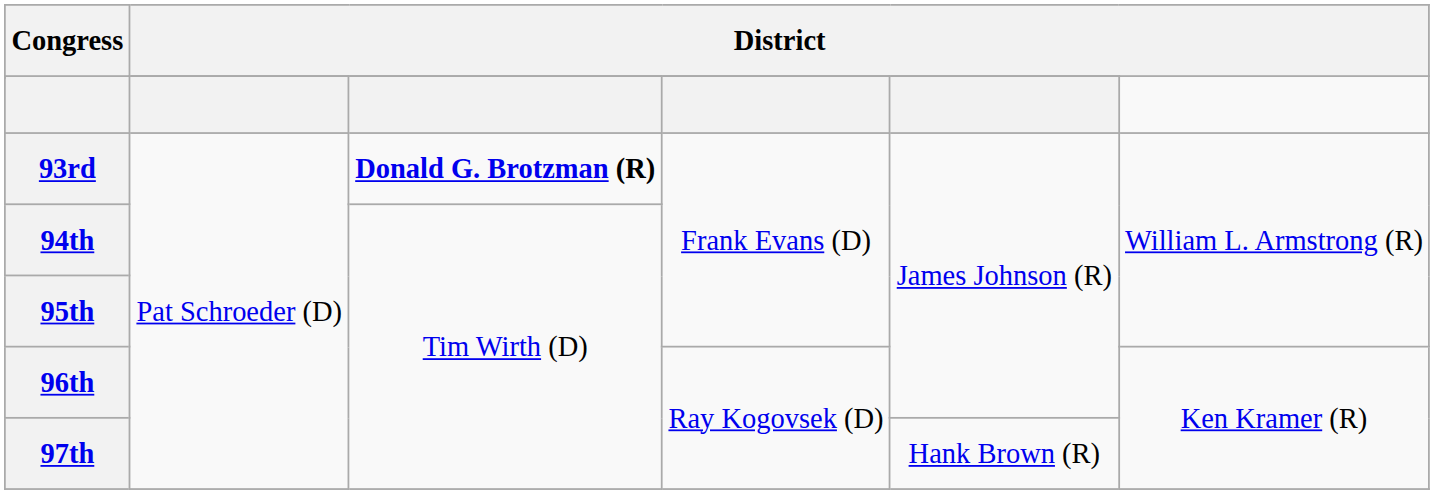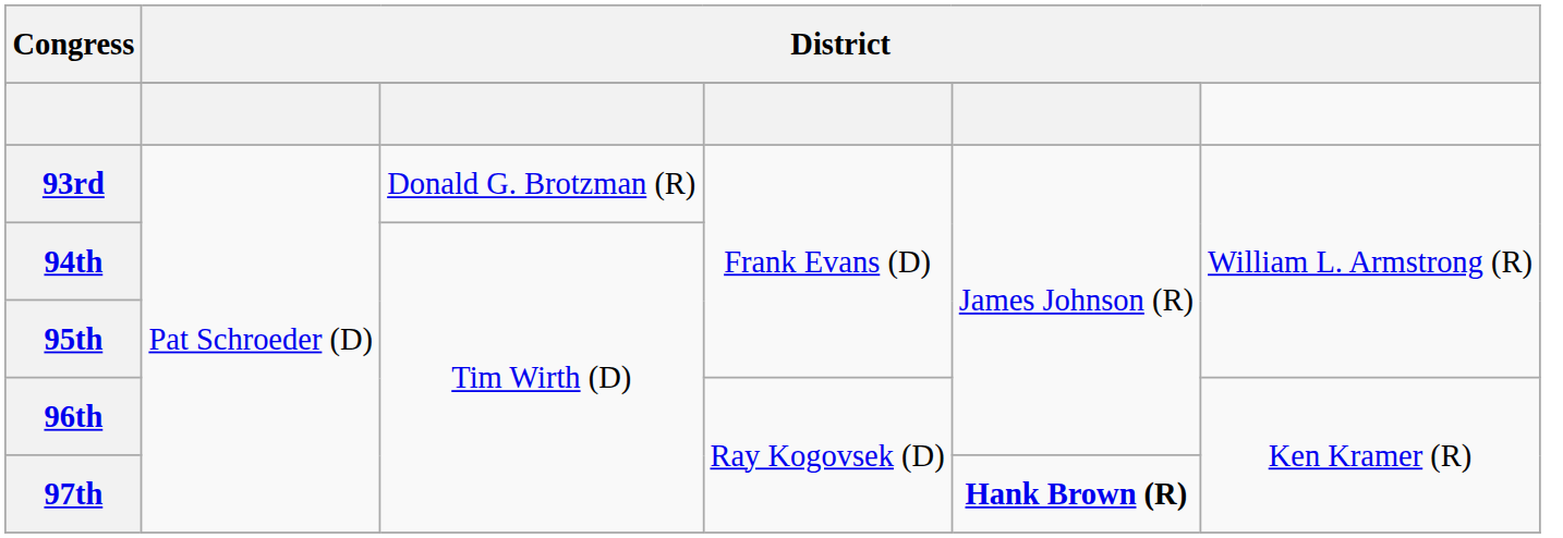 <table class=wikitable style="text-align:center">
 <tr style="height:2.5em">
 <th scope="col" rowspan=2>Congress</th>
 <th scope="colgroup" colspan=5>District</th>
 </tr>
 <tr>
 </tr>
 <tr style="height:2em">
 <th scope="col"></th>
 <th scope="col"></th>
 <th scope="col"></th>
 <th scope="col"></th>
 <th scope="col"></th>
 </tr>
 <tr style="height:2.5em">
 <th scope="row"><a href='#'>93rd</a> </th>
 <td rowspan=5 ><a href='#'>Pat Schroeder</a> (D)</td>
-<td><strong><a href='#'>Donald G. Brotzman</a> (R)</strong></td>
+<td><a href='#'>Donald G. Brotzman</a> (R)</td>
 <td rowspan=3 ><a href='#'>Frank Evans</a> (D)</td>
 <td rowspan=4 ><a href='#'>James Johnson</a> (R)</td>
 <td rowspan=3 ><a href='#'>William L. Armstrong</a> (R)</td>
 </tr>
 <tr style="height:2.5em">
 <th scope="row"><a href='#'>94th</a> </th>
 <td rowspan=4 ><a href='#'>Tim Wirth</a> (D)</td>
 </tr>
 <tr style="height:2.5em">
 <th scope="row"><a href='#'>95th</a> </th>
 </tr>
 <tr style="height:2.5em">
 <th scope="row"><a href='#'>96th</a> </th>
 <td rowspan=2 ><a href='#'>Ray Kogovsek</a> (D)</td>
 <td rowspan=2 ><a href='#'>Ken Kramer</a> (R)</td>
 </tr>
 <tr style="height:2.5em">
 <th scope="row"><a href='#'>97th</a> </th>
-<td><a href='#'>Hank Brown</a> (R)</td>
+<td><strong><a href='#'>Hank Brown</a> (R)</strong></td>
 </tr>
 </table>
